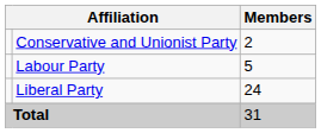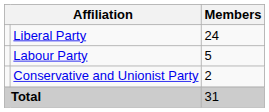 <table class="wikitable">
 <tr>
 <th colspan="2">Affiliation</th>
 <th>Members</th>
 </tr>
 <tr>
 <td style="color:inherit;background:"></td>
-<td><a href='#'>Conservative and Unionist Party</a></td>
-<td>2</td>
+<td><a href='#'>Liberal Party</a></td>
+<td>24</td>
 </tr>
 <tr>
 <td style="color:inherit;background:"></td>
 <td><a href='#'>Labour Party</a></td>
 <td>5</td>
 </tr>
 <tr>
 <td style="color:inherit;background:"></td>
-<td><a href='#'>Liberal Party</a></td>
-<td>24</td>
+<td><a href='#'>Conservative and Unionist Party</a></td>
+<td>2</td>
 </tr>
 <tr style="background:#ccc;">
 <td colspan="2"> <strong>Total</strong></td>
 <td>31</td>
 </tr>
 </table>
